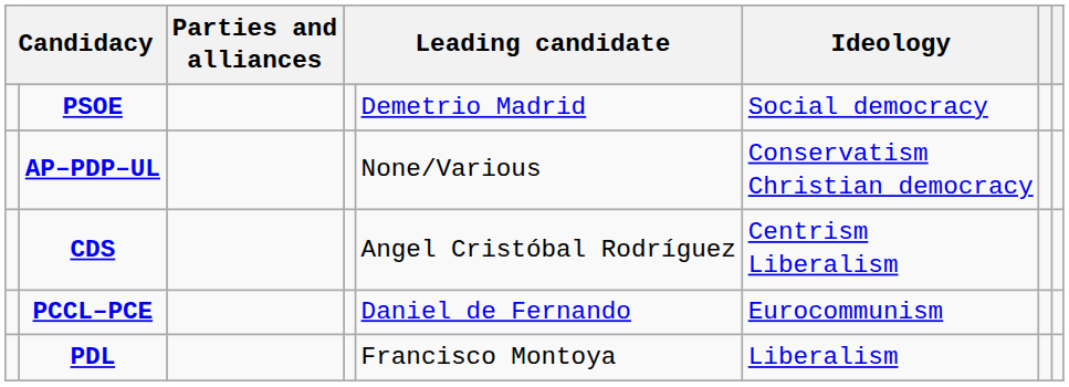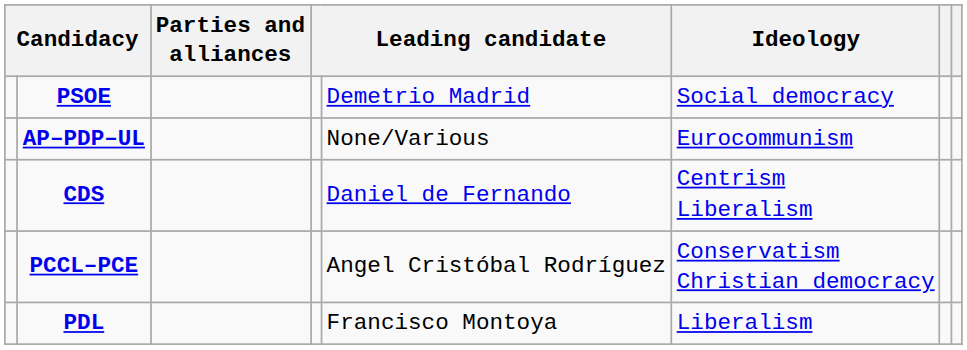 <table class="wikitable" style="line-height:1.35em; text-align:left;">
 <tr>
 <th colspan="2">Candidacy</th>
 <th>Parties and<br>alliances</th>
 <th colspan="2">Leading candidate</th>
 <th>Ideology</th>
 <th></th>
 <th></th>
 </tr>
 <tr>
 <td width="1" style="color:inherit;background:"></td>
 <td align="center"><strong><a href='#'>PSOE</a></strong></td>
 <td></td>
 <td></td>
 <td><a href='#'>Demetrio Madrid</a></td>
 <td><a href='#'>Social democracy</a></td>
 <td></td>
 <td></td>
 </tr>
 <tr>
 <td style="color:inherit;background:"></td>
 <td align="center"><strong><a href='#'>AP–PDP–UL</a></strong></td>
 <td></td>
 <td></td>
 <td>None/Various</td>
-<td><a href='#'>Conservatism</a><br><a href='#'>Christian democracy</a></td>
+<td><a href='#'>Eurocommunism</a></td>
 <td></td>
 <td><br></td>
 </tr>
 <tr>
 <td style="color:inherit;background:"></td>
 <td align="center"><strong><a href='#'>CDS</a></strong></td>
 <td></td>
 <td></td>
-<td>Angel Cristóbal Rodríguez</td>
+<td><a href='#'>Daniel de Fernando</a></td>
 <td><a href='#'>Centrism</a><br><a href='#'>Liberalism</a></td>
 <td></td>
 <td></td>
 </tr>
 <tr>
 <td style="color:inherit;background:"></td>
 <td align="center"><strong><a href='#'>PCCL–PCE</a></strong></td>
 <td></td>
 <td></td>
-<td><a href='#'>Daniel de Fernando</a></td>
-<td><a href='#'>Eurocommunism</a></td>
+<td>Angel Cristóbal Rodríguez</td>
+<td><a href='#'>Conservatism</a><br><a href='#'>Christian democracy</a></td>
 <td></td>
 <td></td>
 </tr>
 <tr>
 <td style="color:inherit;background:"></td>
 <td align="center"><strong><a href='#'>PDL</a></strong></td>
 <td></td>
 <td></td>
 <td>Francisco Montoya</td>
 <td><a href='#'>Liberalism</a></td>
 <td></td>
 <td></td>
 </tr>
 </table>
